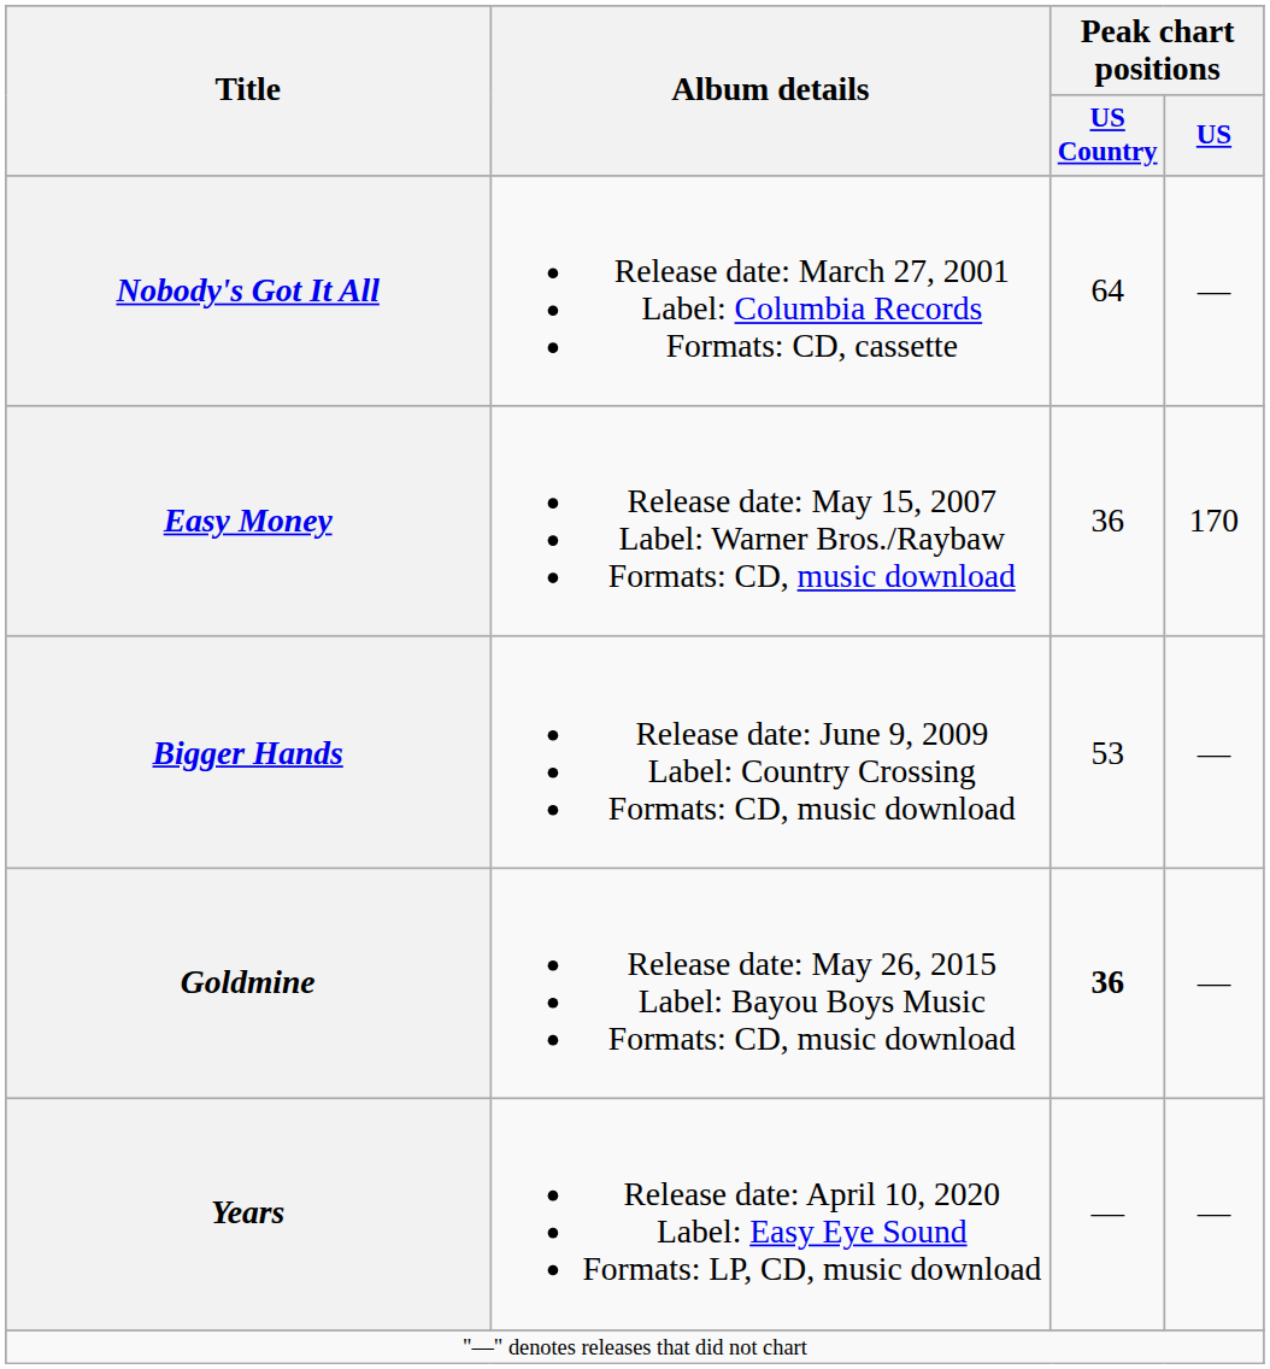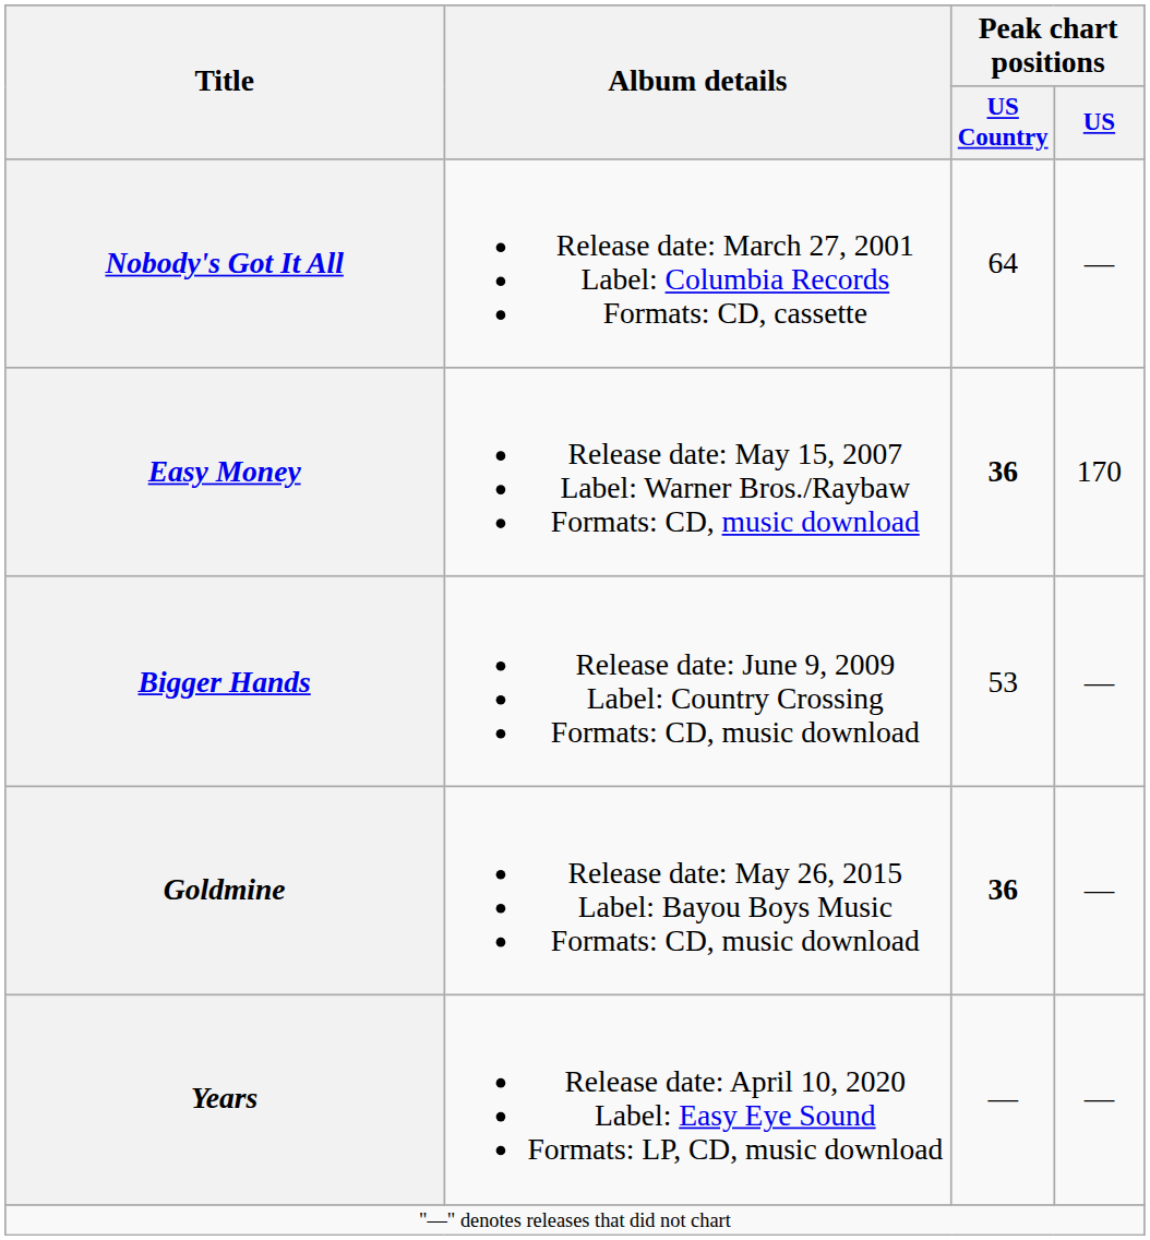 <table class="wikitable plainrowheaders" style="text-align:center;">
 <tr>
 <th rowspan="2" style="width:16em;">Title</th>
 <th rowspan="2" style="width:18em;">Album details</th>
 <th colspan="2">Peak chart<br>positions</th>
 </tr>
 <tr style="font-size:smaller;">
 <th width="45"><a href='#'>US Country</a><br></th>
 <th width="45"><a href='#'>US</a><br></th>
 </tr>
 <tr>
 <th scope="row"><em><a href='#'>Nobody's Got It All</a></em></th>
 <td><br><ul><li>Release date: March 27, 2001</li><li>Label: <a href='#'>Columbia Records</a></li><li>Formats: CD, cassette</li></ul></td>
 <td>64</td>
 <td>—</td>
 </tr>
 <tr>
 <th scope="row"><em><a href='#'>Easy Money</a></em></th>
 <td><br><ul><li>Release date: May 15, 2007</li><li>Label: Warner Bros./Raybaw</li><li>Formats: CD, <a href='#'>music download</a></li></ul></td>
-<td>36</td>
+<td><strong>36</strong></td>
 <td>170</td>
 </tr>
 <tr>
 <th scope="row"><em><a href='#'>Bigger Hands</a></em></th>
 <td><br><ul><li>Release date: June 9, 2009</li><li>Label: Country Crossing</li><li>Formats: CD, music download</li></ul></td>
 <td>53</td>
 <td>—</td>
 </tr>
 <tr>
 <th scope="row"><em>Goldmine</em></th>
 <td><br><ul><li>Release date: May 26, 2015</li><li>Label: Bayou Boys Music</li><li>Formats: CD, music download</li></ul></td>
 <td><strong>36</strong></td>
 <td>—</td>
 </tr>
 <tr>
 <th scope="row"><em>Years</em></th>
 <td><br><ul><li>Release date: April 10, 2020</li><li>Label: <a href='#'>Easy Eye Sound</a></li><li>Formats: LP, CD, music download</li></ul></td>
 <td>—</td>
 <td>—</td>
 </tr>
 <tr>
 <td colspan="4" style="font-size:8pt">"—" denotes releases that did not chart</td>
 </tr>
 </table>
